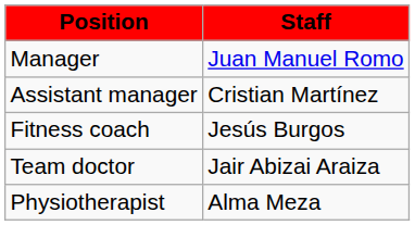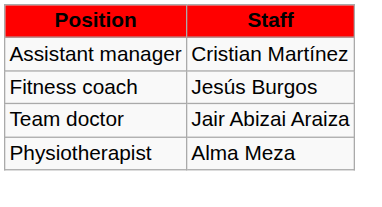 <table class="wikitable">
 <tr>
 <th style=background-color:red;color:black>Position</th>
 <th style=background-color:red;color:black>Staff</th>
-</tr>
-<tr>
-<td>Manager</td>
-<td> <a href='#'>Juan Manuel Romo</a></td>
 </tr>
 <tr>
 <td>Assistant manager</td>
 <td> Cristian Martínez</td>
 </tr>
 <tr>
 <td>Fitness coach</td>
 <td> Jesús Burgos</td>
 </tr>
 <tr>
 <td>Team doctor</td>
 <td> Jair Abizai Araiza</td>
 </tr>
 <tr>
 <td>Physiotherapist</td>
 <td> Alma Meza</td>
 </tr>
 </table>
